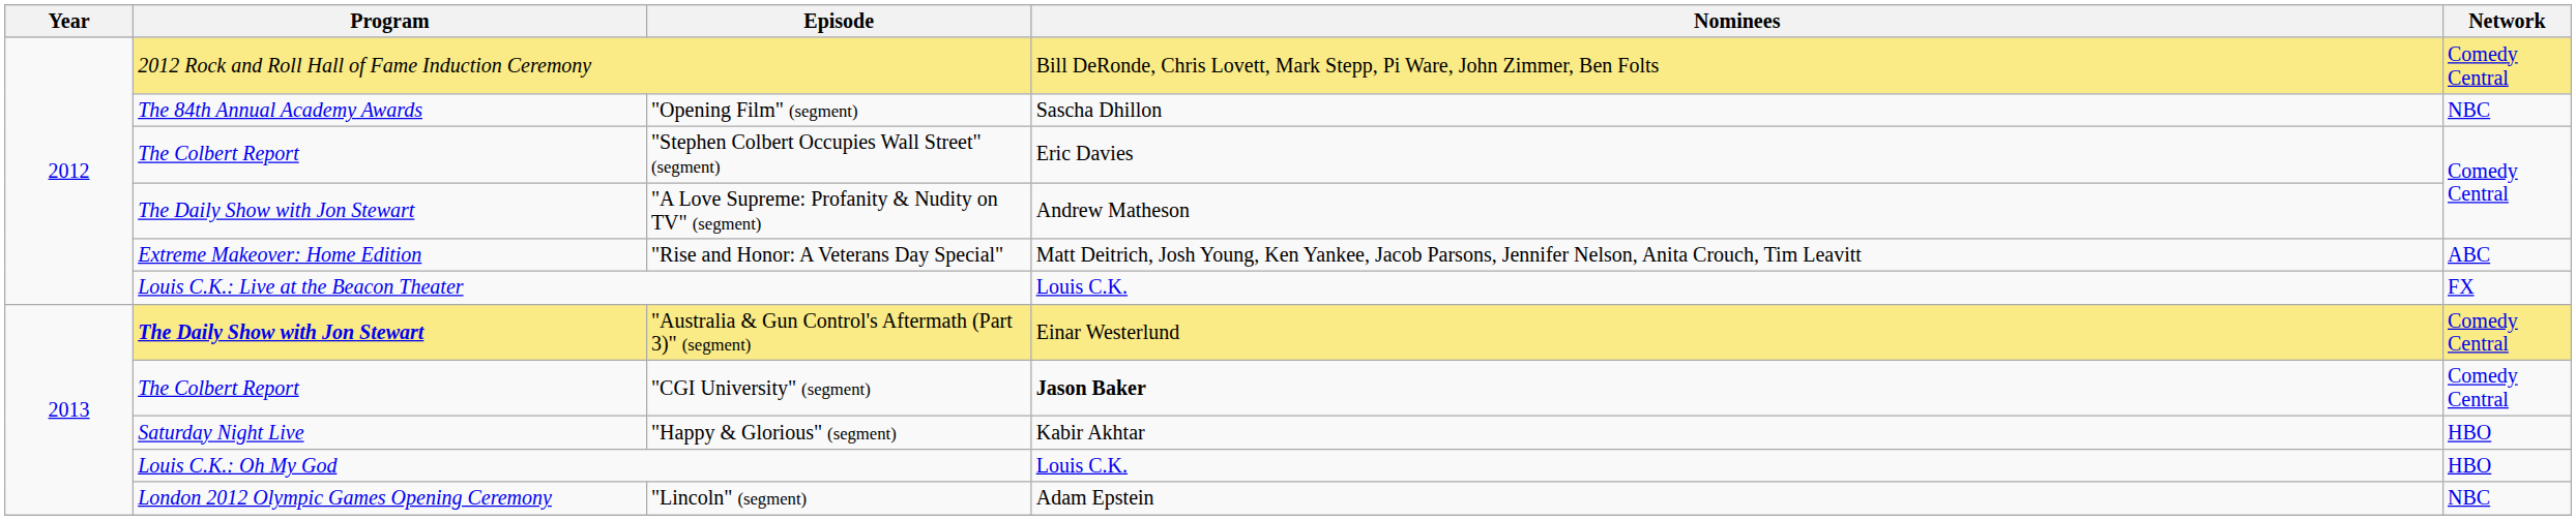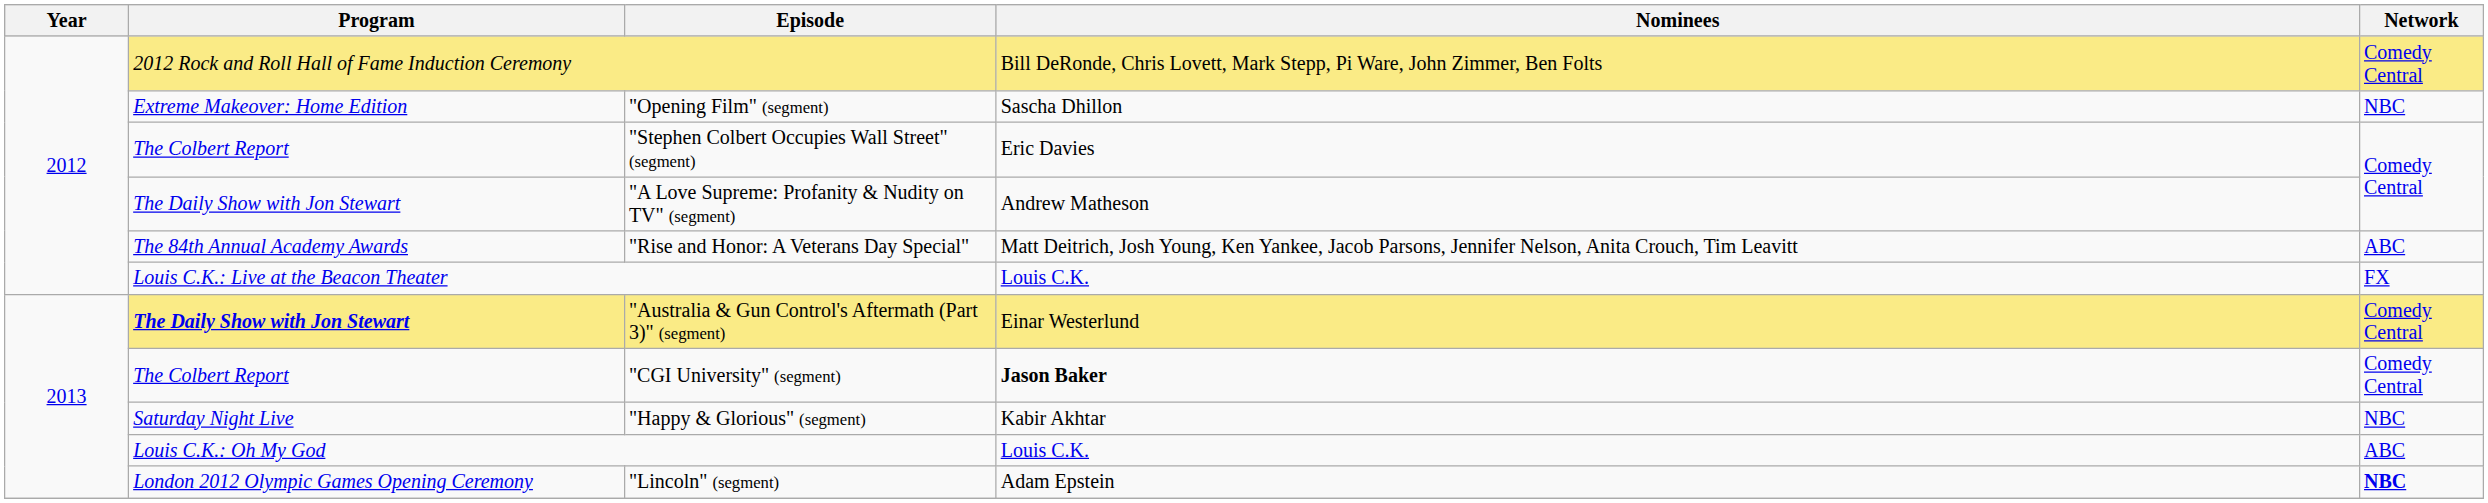 <table class="wikitable" style="width:100%">
 <tr style="background:#bebebe;">
 <th style="width:5%;">Year</th>
 <th style="width:20%;">Program</th>
 <th style="width:15%;">Episode</th>
 <th style="width:55%;">Nominees</th>
 <th style="width:5%;">Network</th>
 </tr>
 <tr>
 <td rowspan=6 style="text-align:center;"><a href='#'>2012</a><br></td>
 <td style="background:#FAEB86;" colspan=2><em>2012 Rock and Roll Hall of Fame Induction Ceremony</em></td>
 <td style="background:#FAEB86;">Bill DeRonde, Chris Lovett, Mark Stepp, Pi Ware, John Zimmer, Ben Folts</td>
 <td style="background:#FAEB86;"><a href='#'>Comedy Central</a></td>
 </tr>
 <tr>
-<td><em><a href='#'>The 84th Annual Academy Awards</a></em></td>
+<td><em><a href='#'>Extreme Makeover: Home Edition</a></em></td>
 <td>"Opening Film" <small>(segment)</small></td>
 <td>Sascha Dhillon</td>
 <td><a href='#'>NBC</a></td>
 </tr>
 <tr>
 <td><em><a href='#'>The Colbert Report</a></em></td>
 <td>"Stephen Colbert Occupies Wall Street" <small>(segment)</small></td>
 <td>Eric Davies</td>
 <td rowspan=2><a href='#'>Comedy Central</a></td>
 </tr>
 <tr>
 <td><em><a href='#'>The Daily Show with Jon Stewart</a></em></td>
 <td>"A Love Supreme: Profanity & Nudity on TV" <small>(segment)</small></td>
 <td>Andrew Matheson</td>
 </tr>
 <tr>
-<td><em><a href='#'>Extreme Makeover: Home Edition</a></em></td>
+<td><em><a href='#'>The 84th Annual Academy Awards</a></em></td>
 <td>"Rise and Honor: A Veterans Day Special"</td>
 <td>Matt Deitrich, Josh Young, Ken Yankee, Jacob Parsons, Jennifer Nelson, Anita Crouch, Tim Leavitt</td>
 <td><a href='#'>ABC</a></td>
 </tr>
 <tr>
 <td colspan=2><em><a href='#'>Louis C.K.: Live at the Beacon Theater</a></em></td>
 <td><a href='#'>Louis C.K.</a></td>
 <td><a href='#'>FX</a></td>
 </tr>
 <tr>
 <td rowspan=5 style="text-align:center;"><a href='#'>2013</a><br></td>
 <td style="background:#FAEB86;"><strong><em><a href='#'>The Daily Show with Jon Stewart</a></em></strong></td>
 <td style="background:#FAEB86;">"Australia & Gun Control's Aftermath (Part 3)" <small>(segment)</small></td>
 <td style="background:#FAEB86;">Einar Westerlund</td>
 <td style="background:#FAEB86;"><a href='#'>Comedy Central</a></td>
 </tr>
 <tr>
 <td><em><a href='#'>The Colbert Report</a></em></td>
 <td>"CGI University" <small>(segment)</small></td>
 <td><strong>Jason Baker</strong></td>
 <td><a href='#'>Comedy Central</a></td>
 </tr>
 <tr>
 <td><em><a href='#'>Saturday Night Live</a></em></td>
 <td>"Happy & Glorious" <small>(segment)</small></td>
 <td>Kabir Akhtar</td>
-<td><a href='#'>HBO</a></td>
+<td><a href='#'>NBC</a></td>
 </tr>
 <tr>
 <td colspan=2><em><a href='#'>Louis C.K.: Oh My God</a></em></td>
 <td><a href='#'>Louis C.K.</a></td>
-<td><a href='#'>HBO</a></td>
+<td><a href='#'>ABC</a></td>
 </tr>
 <tr>
 <td><em><a href='#'>London 2012 Olympic Games Opening Ceremony</a></em></td>
 <td>"Lincoln" <small>(segment)</small></td>
 <td>Adam Epstein</td>
-<td><a href='#'>NBC</a></td>
+<td><strong><a href='#'>NBC</a></strong></td>
 </tr>
 <tr>
 </tr>
 </table>
